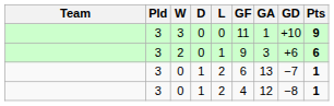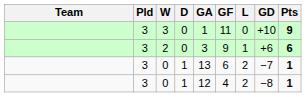 <table class="wikitable" style="text-align:center;">
 <tr>
 <th width=180>Team</th>
 <th width=20>Pld</th>
 <th width=20>W</th>
 <th width=20>D</th>
+<th width=20>GA</th>
+<th width=20>GF</th>
 <th width=20>L</th>
-<th width=20>GF</th>
-<th width=20>GA</th>
 <th width=20>GD</th>
 <th width=20>Pts</th>
 </tr>
 <tr bgcolor=ccffcc>
 <td align="left"></td>
 <td>3</td>
 <td>3</td>
 <td>0</td>
+<td>1</td>
+<td>11</td>
 <td>0</td>
-<td>11</td>
-<td>1</td>
 <td>+10</td>
 <td><strong>9</strong></td>
 </tr>
 <tr bgcolor=ccffcc>
 <td align="left"></td>
 <td>3</td>
 <td>2</td>
 <td>0</td>
+<td>3</td>
+<td>9</td>
 <td>1</td>
-<td>9</td>
-<td>3</td>
 <td>+6</td>
 <td><strong>6</strong></td>
 </tr>
 <tr>
 <td align="left"></td>
 <td>3</td>
 <td>0</td>
 <td>1</td>
+<td>13</td>
+<td>6</td>
 <td>2</td>
-<td>6</td>
-<td>13</td>
 <td>−7</td>
 <td><strong>1</strong></td>
 </tr>
 <tr>
 <td align="left"><em></em></td>
 <td>3</td>
 <td>0</td>
 <td>1</td>
+<td>12</td>
+<td>4</td>
 <td>2</td>
-<td>4</td>
-<td>12</td>
 <td>−8</td>
 <td><strong>1</strong></td>
 </tr>
 </table>
